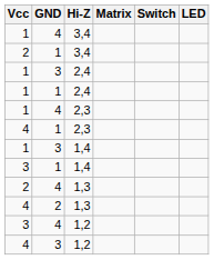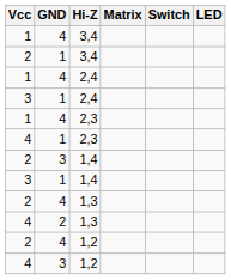 <table class="wikitable floatright" style="text-align:right">
 <tr>
 <th scope="col">Vcc</th>
 <th scope="col">GND</th>
 <th scope="col">Hi-Z</th>
 <th scope="col">Matrix</th>
 <th scope="col">Switch</th>
 <th scope="col">LED</th>
 </tr>
 <tr>
 <td>1</td>
 <td>4</td>
 <td>3,4</td>
 <td></td>
 <td></td>
 <td></td>
 </tr>
 <tr>
 <td>2</td>
 <td>1</td>
 <td>3,4</td>
 <td></td>
 <td></td>
 <td></td>
 </tr>
 <tr>
 <td>1</td>
-<td>3</td>
+<td>4</td>
 <td>2,4</td>
 <td></td>
 <td></td>
 <td></td>
 </tr>
 <tr>
-<td>1</td>
+<td>3</td>
 <td>1</td>
 <td>2,4</td>
 <td></td>
 <td></td>
 <td></td>
 </tr>
 <tr>
 <td>1</td>
 <td>4</td>
 <td>2,3</td>
 <td></td>
 <td></td>
 <td></td>
 </tr>
 <tr>
 <td>4</td>
 <td>1</td>
 <td>2,3</td>
 <td></td>
 <td></td>
 <td></td>
 </tr>
 <tr>
-<td>1</td>
+<td>2</td>
 <td>3</td>
 <td>1,4</td>
 <td></td>
 <td></td>
 <td></td>
 </tr>
 <tr>
 <td>3</td>
 <td>1</td>
 <td>1,4</td>
 <td></td>
 <td></td>
 <td></td>
 </tr>
 <tr>
 <td>2</td>
 <td>4</td>
 <td>1,3</td>
 <td></td>
 <td></td>
 <td></td>
 </tr>
 <tr>
 <td>4</td>
 <td>2</td>
 <td>1,3</td>
 <td></td>
 <td></td>
 <td></td>
 </tr>
 <tr>
-<td>3</td>
+<td>2</td>
 <td>4</td>
 <td>1,2</td>
 <td></td>
 <td></td>
 <td></td>
 </tr>
 <tr>
 <td>4</td>
 <td>3</td>
 <td>1,2</td>
 <td></td>
 <td></td>
 <td></td>
 </tr>
 </table>
